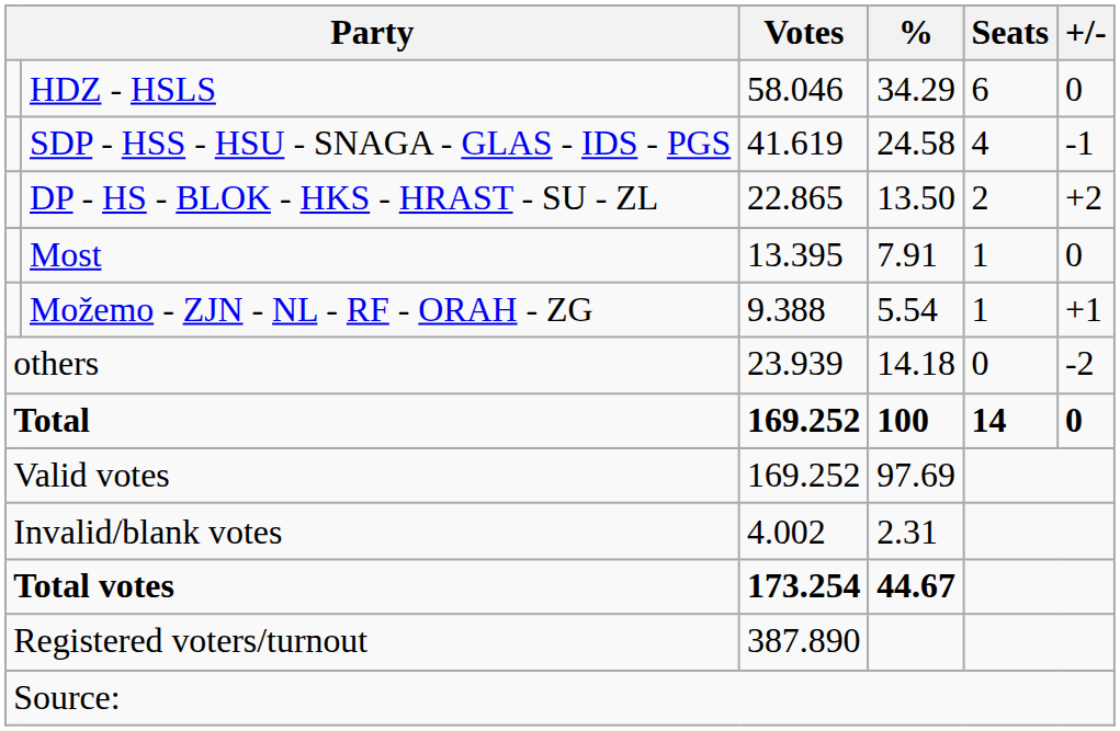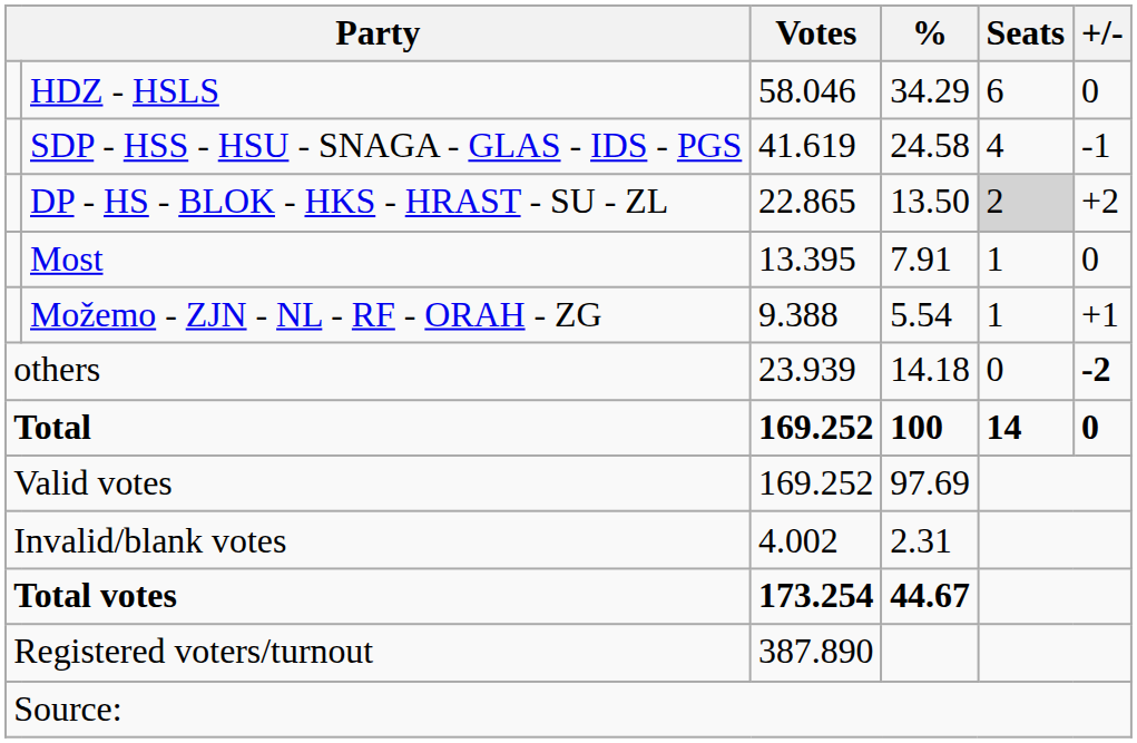 <table class="wikitable" style="text-align: left;">
 <tr>
 <th colspan="2">Party</th>
 <th>Votes</th>
 <th>%</th>
 <th>Seats</th>
 <th>+/-</th>
 </tr>
 <tr>
 <td style="background-color: "></td>
 <td><a href='#'>HDZ</a> - <a href='#'>HSLS</a></td>
 <td>58.046</td>
 <td>34.29</td>
 <td>6</td>
 <td>0</td>
 </tr>
 <tr>
 <td style="background-color: "></td>
 <td><a href='#'>SDP</a> - <a href='#'>HSS</a> - <a href='#'>HSU</a> - SNAGA - <a href='#'>GLAS</a> - <a href='#'>IDS</a> - <a href='#'>PGS</a></td>
 <td>41.619</td>
 <td>24.58</td>
 <td>4</td>
 <td>-1</td>
 </tr>
 <tr>
 <td style="background-color: "></td>
 <td><a href='#'>DP</a> - <a href='#'>HS</a> - <a href='#'>BLOK</a> - <a href='#'>HKS</a> - <a href='#'>HRAST</a> - SU - ZL</td>
 <td>22.865</td>
 <td>13.50</td>
-<td>2</td>
+<td style="background: lightgrey;">2</td>
 <td>+2</td>
 </tr>
 <tr>
 <td style="background-color: "></td>
 <td><a href='#'>Most</a></td>
 <td>13.395</td>
 <td>7.91</td>
 <td>1</td>
 <td>0</td>
 </tr>
 <tr>
 <td style="background-color: "></td>
 <td><a href='#'>Možemo</a> - <a href='#'>ZJN</a> - <a href='#'>NL</a> - <a href='#'>RF</a> - <a href='#'>ORAH</a> - ZG</td>
 <td>9.388</td>
 <td>5.54</td>
 <td>1</td>
 <td>+1</td>
 </tr>
 <tr>
 <td colspan="2">others</td>
 <td>23.939</td>
 <td>14.18</td>
 <td>0</td>
-<td>-2</td>
+<td><strong>-2</strong></td>
 </tr>
 <tr>
 <td colspan="2"><strong>Total</strong></td>
 <td><strong>169.252</strong></td>
 <td><strong>100</strong></td>
 <td><strong>14</strong></td>
 <td><strong>0</strong></td>
 </tr>
 <tr>
 <td colspan="2">Valid votes</td>
 <td>169.252</td>
 <td>97.69</td>
 <td colspan="2"></td>
 </tr>
 <tr>
 <td colspan="2">Invalid/blank votes</td>
 <td>4.002</td>
 <td>2.31</td>
 <td colspan="2"></td>
 </tr>
 <tr>
 <td colspan="2"><strong>Total votes</strong></td>
 <td><strong>173.254</strong></td>
 <td><strong>44.67</strong></td>
 <td colspan="2"></td>
 </tr>
 <tr>
 <td colspan="2">Registered voters/turnout</td>
 <td votes14="5343">387.890</td>
 <td></td>
 <td colspan="2"></td>
 </tr>
 <tr>
 <td colspan="6">Source: </td>
 </tr>
 </table>
